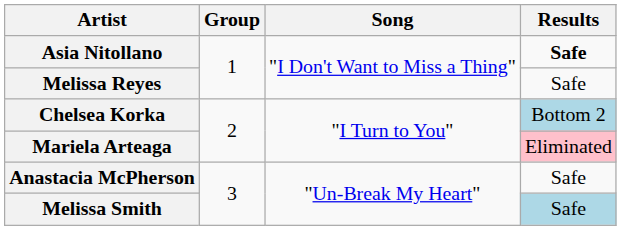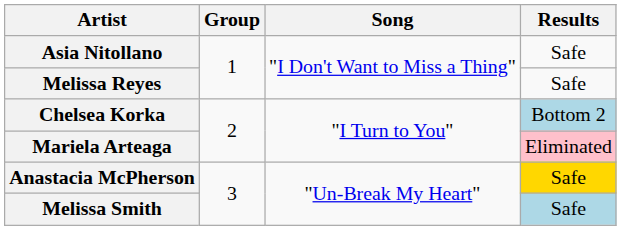 <table class="wikitable plainrowheaders" style="text-align:center;">
 <tr>
 <th scope="col">Artist</th>
 <th scope="col">Group</th>
 <th scope="col">Song</th>
 <th scope="col">Results</th>
 </tr>
 <tr>
 <th scope="row">Asia Nitollano</th>
 <td rowspan="2">1</td>
 <td rowspan="2">"<a href='#'>I Don't Want to Miss a Thing</a>"</td>
-<td><strong>Safe</strong></td>
+<td>Safe</td>
 </tr>
 <tr>
 <th scope="row">Melissa Reyes</th>
 <td>Safe</td>
 </tr>
 <tr>
 <th scope="row">Chelsea Korka</th>
 <td rowspan="2">2</td>
 <td rowspan="2">"<a href='#'>I Turn to You</a>"</td>
 <td style="background:lightblue;">Bottom 2</td>
 </tr>
 <tr>
 <th scope="row">Mariela Arteaga</th>
 <td style="background:pink;">Eliminated</td>
 </tr>
 <tr>
 <th scope="row">Anastacia McPherson</th>
 <td rowspan="2">3</td>
 <td rowspan="2">"<a href='#'>Un-Break My Heart</a>"</td>
-<td>Safe</td>
+<td style="background: gold;">Safe</td>
 </tr>
 <tr>
 <th scope="row">Melissa Smith</th>
 <td style="background: lightblue;">Safe</td>
 </tr>
 </table>
